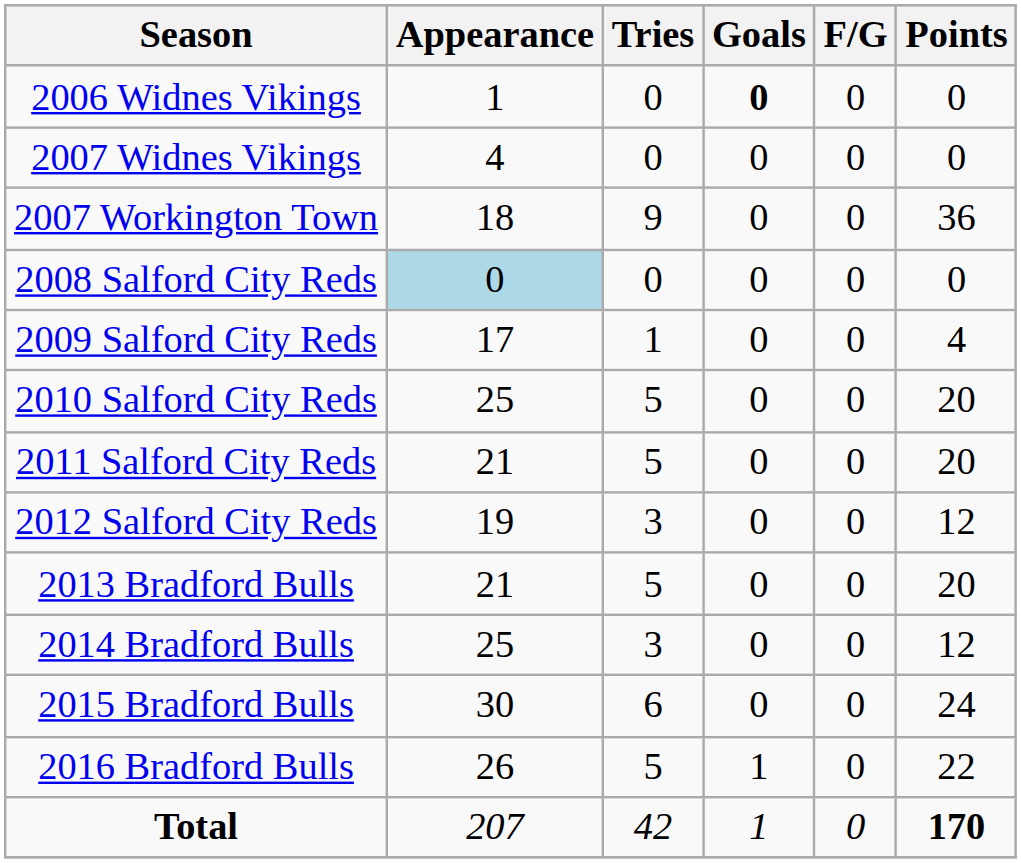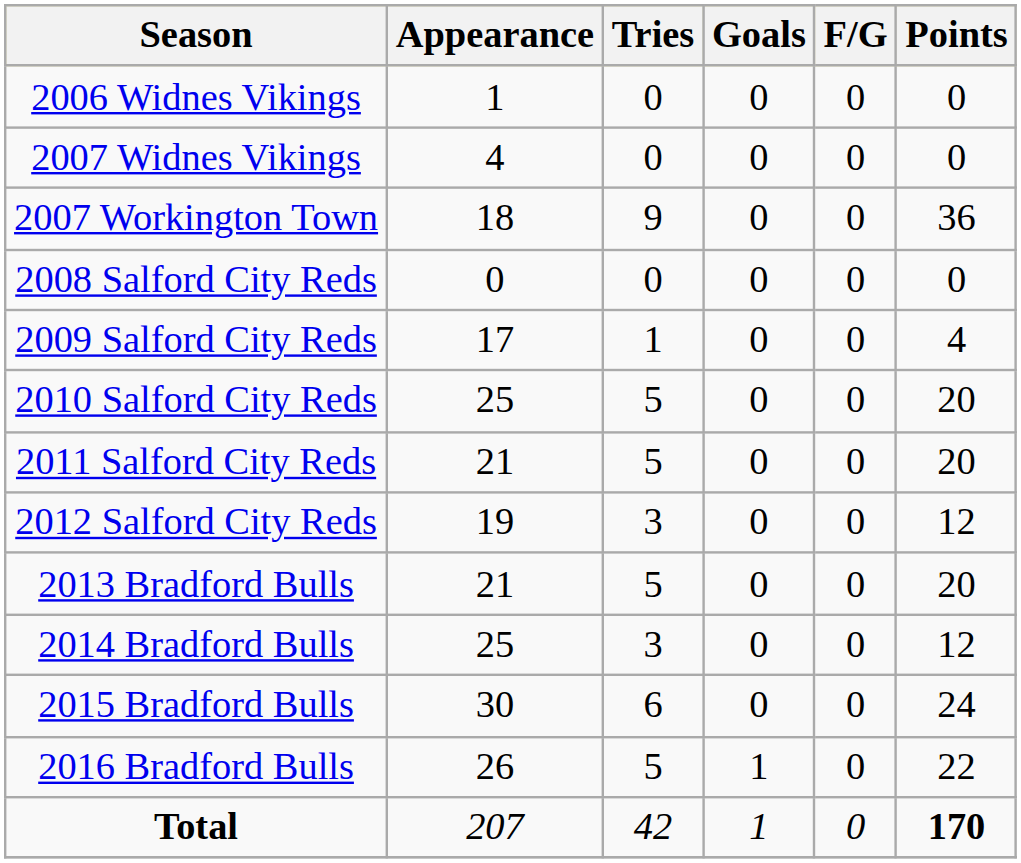 <table class="wikitable" style="text-align:center;">
 <tr bgcolor=#bdb76b>
 <th>Season</th>
 <th>Appearance</th>
 <th>Tries</th>
 <th>Goals</th>
 <th>F/G</th>
 <th>Points</th>
 </tr>
 <tr>
 <td><a href='#'>2006 Widnes Vikings</a></td>
 <td>1</td>
 <td>0</td>
-<td><strong>0</strong></td>
+<td>0</td>
 <td>0</td>
 <td>0</td>
 </tr>
 <tr>
 <td><a href='#'>2007 Widnes Vikings</a></td>
 <td>4</td>
 <td>0</td>
 <td>0</td>
 <td>0</td>
 <td>0</td>
 </tr>
 <tr>
 <td><a href='#'>2007 Workington Town</a></td>
 <td>18</td>
 <td>9</td>
 <td>0</td>
 <td>0</td>
 <td>36</td>
 </tr>
 <tr>
 <td><a href='#'>2008 Salford City Reds</a></td>
-<td style="background: lightblue;">0</td>
+<td>0</td>
 <td>0</td>
 <td>0</td>
 <td>0</td>
 <td>0</td>
 </tr>
 <tr>
 <td><a href='#'>2009 Salford City Reds</a></td>
 <td>17</td>
 <td>1</td>
 <td>0</td>
 <td>0</td>
 <td>4</td>
 </tr>
 <tr>
 <td><a href='#'>2010 Salford City Reds</a></td>
 <td>25</td>
 <td>5</td>
 <td>0</td>
 <td>0</td>
 <td>20</td>
 </tr>
 <tr>
 <td><a href='#'>2011 Salford City Reds</a></td>
 <td>21</td>
 <td>5</td>
 <td>0</td>
 <td>0</td>
 <td>20</td>
 </tr>
 <tr>
 <td><a href='#'>2012 Salford City Reds</a></td>
 <td>19</td>
 <td>3</td>
 <td>0</td>
 <td>0</td>
 <td>12</td>
 </tr>
 <tr>
 <td><a href='#'>2013 Bradford Bulls</a></td>
 <td>21</td>
 <td>5</td>
 <td>0</td>
 <td>0</td>
 <td>20</td>
 </tr>
 <tr>
 <td><a href='#'>2014 Bradford Bulls</a></td>
 <td>25</td>
 <td>3</td>
 <td>0</td>
 <td>0</td>
 <td>12</td>
 </tr>
 <tr>
 <td><a href='#'>2015 Bradford Bulls</a></td>
 <td>30</td>
 <td>6</td>
 <td>0</td>
 <td>0</td>
 <td>24</td>
 </tr>
 <tr>
 <td><a href='#'>2016 Bradford Bulls</a></td>
 <td>26</td>
 <td>5</td>
 <td>1</td>
 <td>0</td>
 <td>22</td>
 </tr>
 <tr>
 <td><strong>Total</strong></td>
 <td><em>207</em></td>
 <td><em>42</em></td>
 <td><em>1</em></td>
 <td><em>0</em></td>
 <td><strong>170</strong></td>
 </tr>
 <tr>
 </tr>
 </table>
